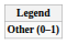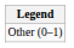 <table class="wikitable">
 <tr>
 <th>Legend</th>
 </tr>
 <tr>
-<td><strong>Other (0–1)</strong></td>
+<td>Other (0–1)</td>
 </tr>
 </table>
